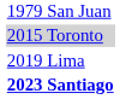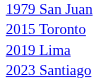 <table>
 <tr>
 <td><a href='#'>1979 San Juan</a><br></td>
 <td></td>
 <td></td>
 <td></td>
 </tr>
 <tr>
-<td style="background: lightgrey;"><a href='#'>2015 Toronto</a><br></td>
+<td><a href='#'>2015 Toronto</a><br></td>
 <td></td>
 <td></td>
 <td></td>
 </tr>
 <tr>
 <td><a href='#'>2019 Lima</a><br></td>
 <td></td>
 <td></td>
 <td></td>
 </tr>
 <tr>
-<td><strong><a href='#'>2023 Santiago</a><br></strong></td>
+<td><a href='#'>2023 Santiago</a><br></td>
 <td></td>
 <td></td>
 <td></td>
 </tr>
 </table>
